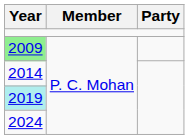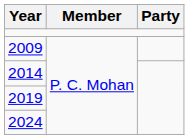 <table class="wikitable">
 <tr>
 <th>Year</th>
 <th>Member</th>
 <th colspan="2">Party</th>
 </tr>
 <tr>
 <td colspan="4"></td>
 </tr>
 <tr>
-<td style="background: lightgreen;"><a href='#'>2009</a></td>
+<td><a href='#'>2009</a></td>
 <td rowspan="4"><a href='#'>P. C. Mohan</a></td>
 <td></td>
 </tr>
 <tr>
 <td><a href='#'>2014</a></td>
 </tr>
 <tr>
-<td style="background: paleturquoise;"><a href='#'>2019</a></td>
+<td><a href='#'>2019</a></td>
 </tr>
 <tr>
 <td><a href='#'>2024</a></td>
 </tr>
 </table>
